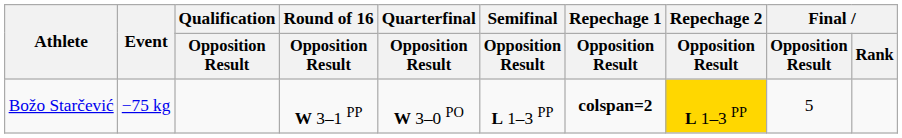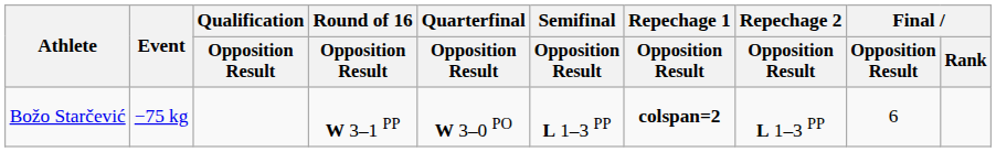 <table class="wikitable" style="font-size:90%">
 <tr>
 <th rowspan=2>Athlete</th>
 <th rowspan=2>Event</th>
 <th>Qualification</th>
 <th>Round of 16</th>
 <th>Quarterfinal</th>
 <th>Semifinal</th>
 <th>Repechage 1</th>
 <th>Repechage 2</th>
 <th colspan=2>Final / </th>
 </tr>
 <tr style="font-size: 95%">
 <th>Opposition<br>Result</th>
 <th>Opposition<br>Result</th>
 <th>Opposition<br>Result</th>
 <th>Opposition<br>Result</th>
 <th>Opposition<br>Result</th>
 <th>Opposition<br>Result</th>
 <th>Opposition<br>Result</th>
 <th>Rank</th>
 </tr>
 <tr align=center>
 <td align=left><a href='#'>Božo Starčević</a></td>
 <td align=left><a href='#'>−75 kg</a></td>
 <td></td>
 <td><br><strong>W</strong> 3–1 <sup>PP</sup></td>
 <td><br><strong>W</strong> 3–0 <sup>PO</sup></td>
 <td><br><strong>L</strong> 1–3 <sup>PP</sup></td>
 <td><strong>colspan=2 </strong></td>
-<td style="background: gold;"><br><strong>L</strong> 1–3 <sup>PP</sup></td>
-<td>5</td>
+<td><br><strong>L</strong> 1–3 <sup>PP</sup></td>
+<td>6</td>
 </tr>
 </table>
